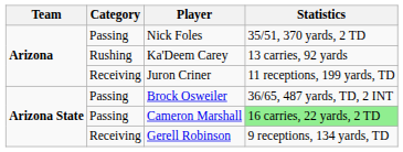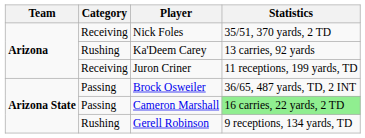 <table class="wikitable" style="float: right;">
 <tr>
 <th>Team</th>
 <th>Category</th>
 <th>Player</th>
 <th>Statistics</th>
 </tr>
 <tr>
 <td rowspan=3><strong>Arizona</strong></td>
-<td>Passing</td>
+<td>Receiving</td>
 <td>Nick Foles</td>
 <td>35/51, 370 yards, 2 TD</td>
 </tr>
 <tr>
 <td>Rushing</td>
 <td>Ka'Deem Carey</td>
 <td>13 carries, 92 yards</td>
 </tr>
 <tr>
 <td>Receiving</td>
 <td>Juron Criner</td>
 <td>11 receptions, 199 yards, TD</td>
 </tr>
 <tr>
 <td rowspan=3><strong>Arizona State</strong></td>
 <td>Passing</td>
 <td><a href='#'>Brock Osweiler</a></td>
 <td>36/65, 487 yards, TD, 2 INT</td>
 </tr>
 <tr>
 <td>Passing</td>
 <td><a href='#'>Cameron Marshall</a></td>
 <td style="background: lightgreen;">16 carries, 22 yards, 2 TD</td>
 </tr>
 <tr>
-<td>Receiving</td>
+<td>Rushing</td>
 <td><a href='#'>Gerell Robinson</a></td>
 <td>9 receptions, 134 yards, TD</td>
 </tr>
 </table>
